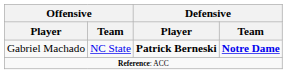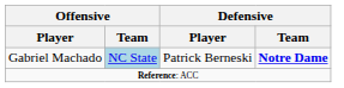 <table class="wikitable">
 <tr>
 <th colspan="2">Offensive</th>
 <th colspan="2">Defensive</th>
 </tr>
 <tr>
 <th>Player</th>
 <th>Team</th>
 <th>Player</th>
 <th>Team</th>
 </tr>
 <tr>
 <td>Gabriel Machado</td>
-<td><a href='#'>NC State</a></td>
-<td><strong>Patrick Berneski</strong></td>
+<td style="background: lightblue;"><a href='#'>NC State</a></td>
+<td>Patrick Berneski</td>
 <td><strong><a href='#'>Notre Dame</a></strong></td>
 </tr>
 <tr>
 <td colspan="12"  style="font-size:8pt; text-align:center;"><strong>Reference</strong>: ACC</td>
 </tr>
 </table>
